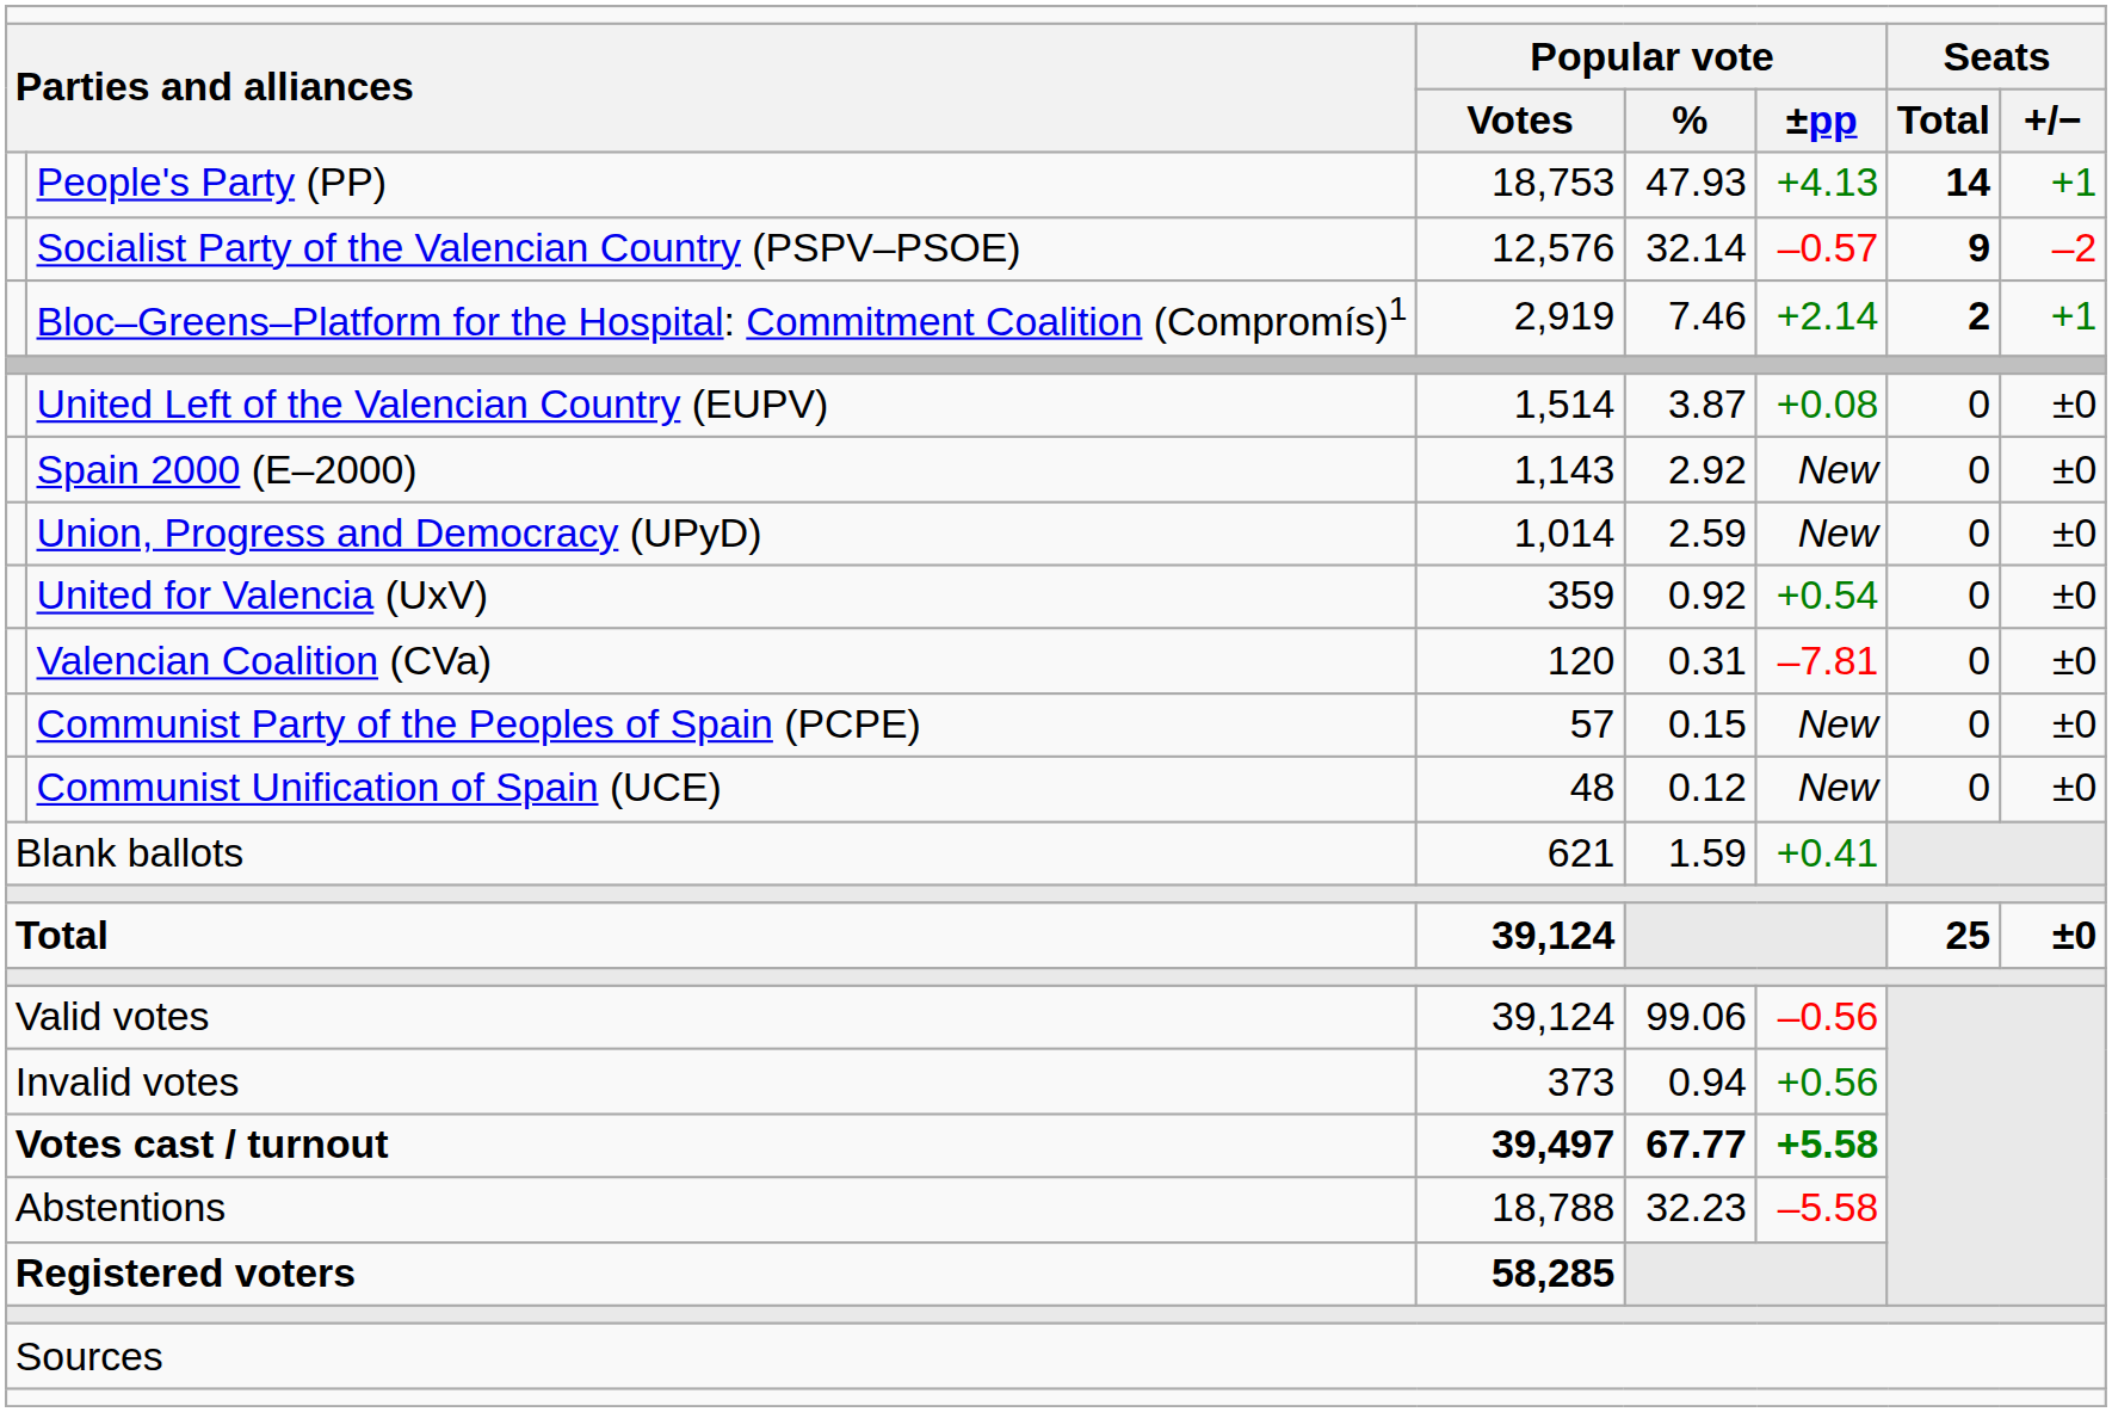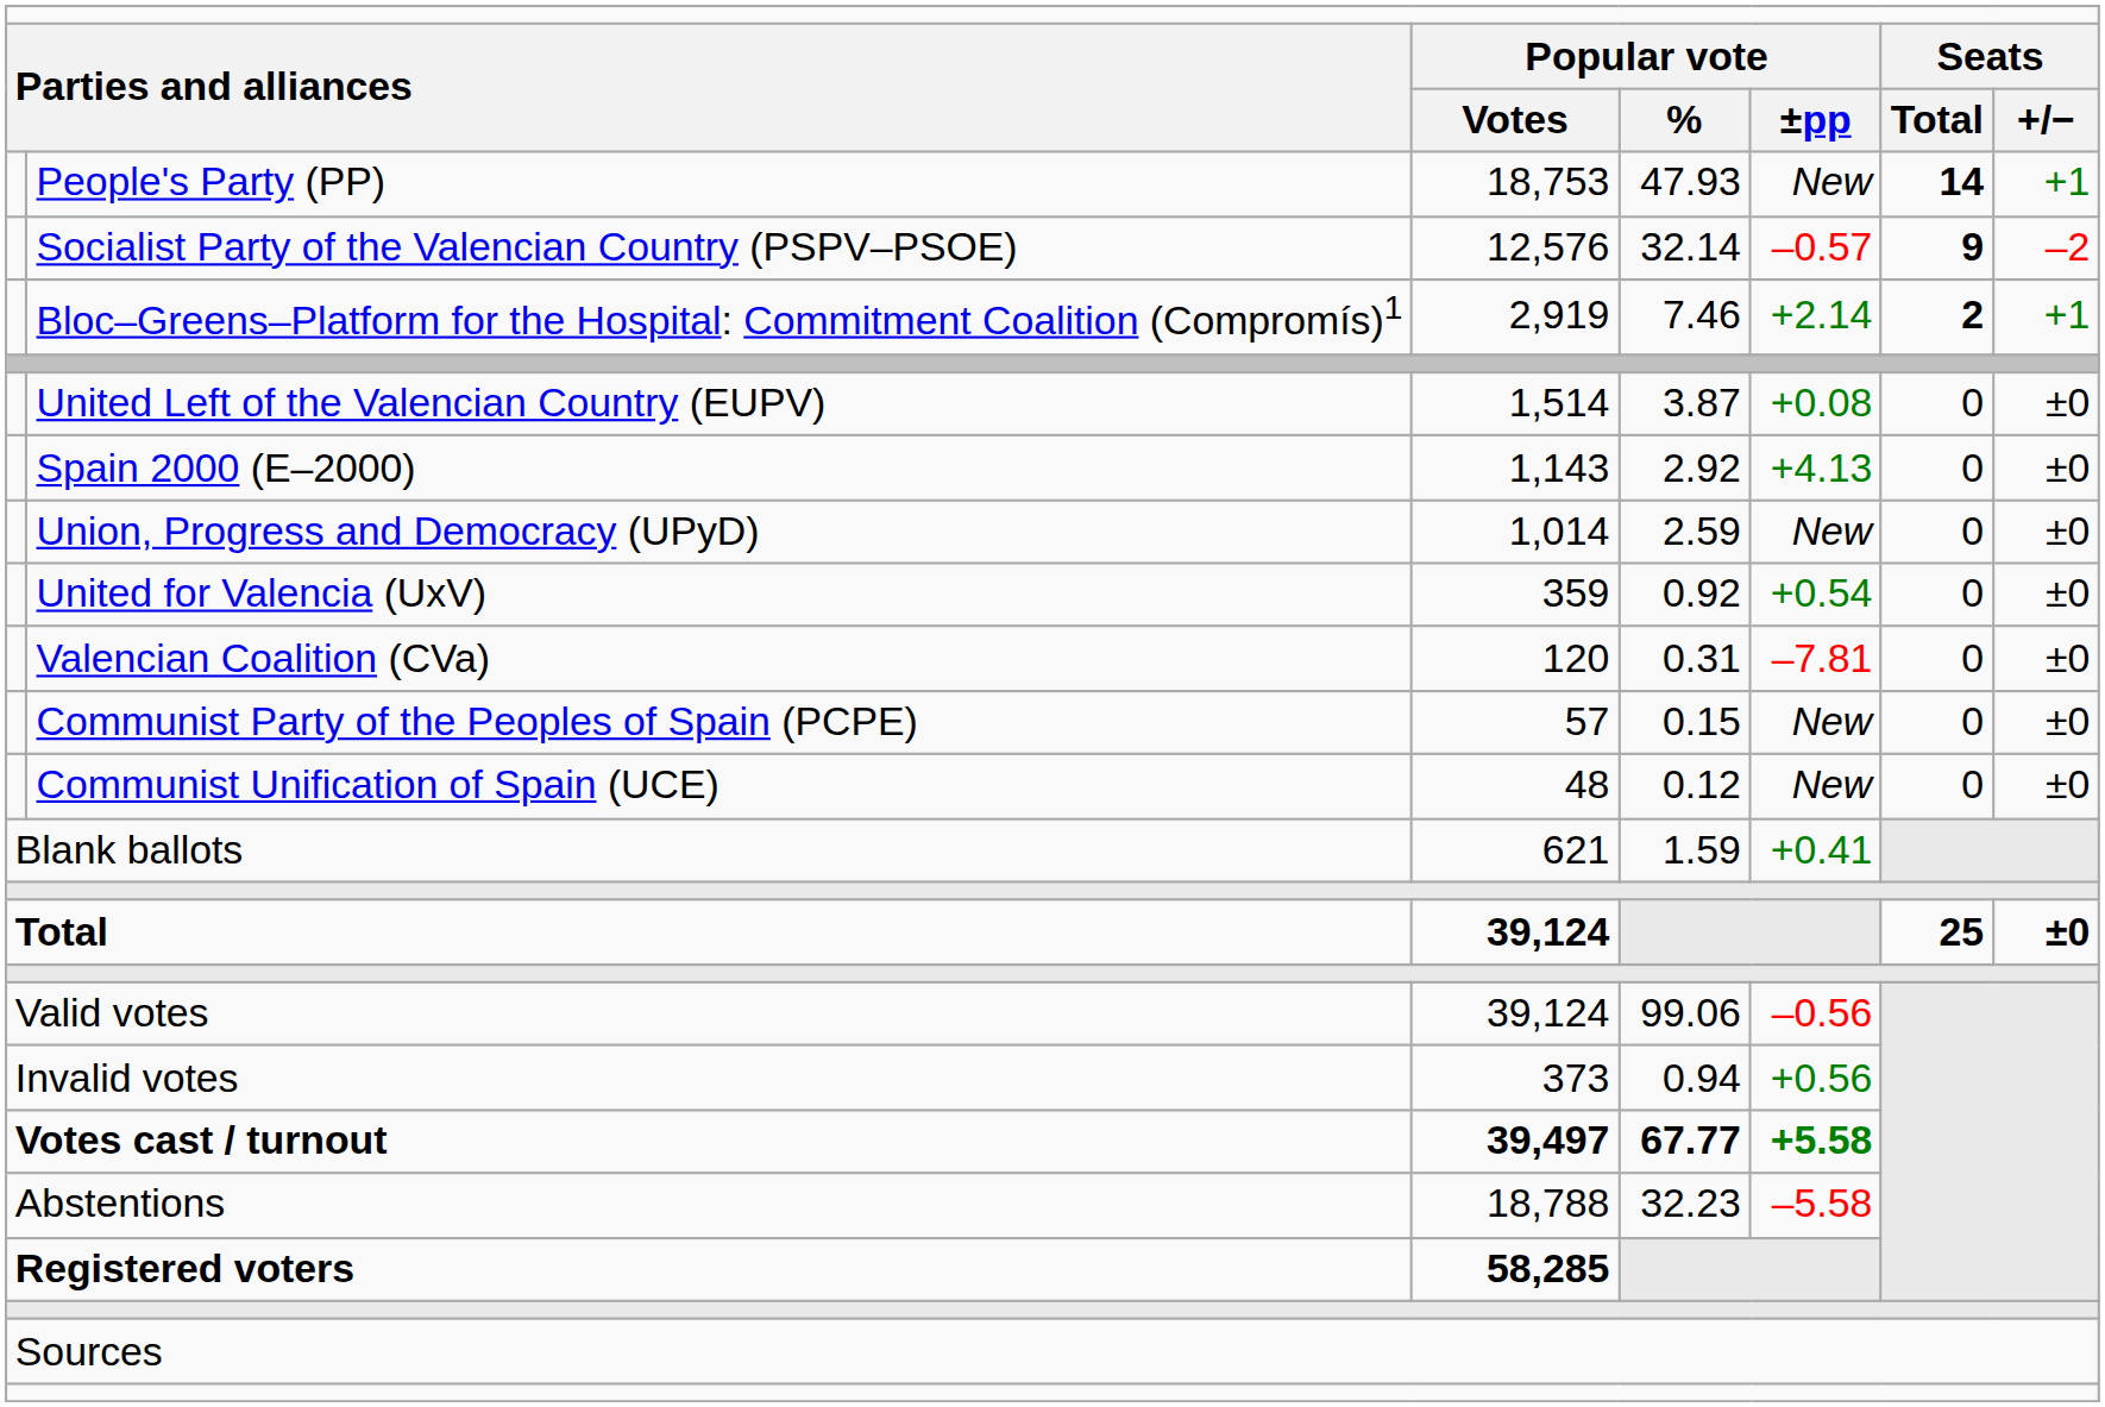 <table class="wikitable" style="text-align:right;">
 <tr>
 <td colspan="7"></td>
 </tr>
 <tr>
 <th style="text-align:left;" rowspan="2" colspan="2" width="525">Parties and alliances</th>
 <th colspan="3">Popular vote</th>
 <th colspan="2">Seats</th>
 </tr>
 <tr>
 <th width="75">Votes</th>
 <th width="45">%</th>
 <th width="45">±<a href='#'>pp</a></th>
 <th width="35">Total</th>
 <th width="35">+/−</th>
 </tr>
 <tr>
 <td width="1" style="color:inherit;background:"></td>
 <td align="left"><a href='#'>People's Party</a> (PP)</td>
 <td>18,753</td>
 <td>47.93</td>
-<td style="color:green;">+4.13</td>
+<td><em>New</em></td>
 <td><strong>14</strong></td>
 <td style="color:green;">+1</td>
 </tr>
 <tr>
 <td style="color:inherit;background:"></td>
 <td align="left"><a href='#'>Socialist Party of the Valencian Country</a> (PSPV–PSOE)</td>
 <td>12,576</td>
 <td>32.14</td>
 <td style="color:red;">–0.57</td>
 <td><strong>9</strong></td>
 <td style="color:red;">–2</td>
 </tr>
 <tr>
 <td style="color:inherit;background:"></td>
 <td align="left"><a href='#'>Bloc–Greens–Platform for the Hospital</a>: <a href='#'>Commitment Coalition</a> (Compromís)<sup>1</sup></td>
 <td>2,919</td>
 <td>7.46</td>
 <td style="color:green;">+2.14</td>
 <td><strong>2</strong></td>
 <td style="color:green;">+1</td>
 </tr>
 <tr>
 <td colspan="7" bgcolor="#C0C0C0"></td>
 </tr>
 <tr>
 <td style="color:inherit;background:"></td>
 <td align="left"><a href='#'>United Left of the Valencian Country</a> (EUPV)</td>
 <td>1,514</td>
 <td>3.87</td>
 <td style="color:green;">+0.08</td>
 <td>0</td>
 <td>±0</td>
 </tr>
 <tr>
 <td style="color:inherit;background:"></td>
 <td align="left"><a href='#'>Spain 2000</a> (E–2000)</td>
 <td>1,143</td>
 <td>2.92</td>
-<td><em>New</em></td>
+<td style="color:green;">+4.13</td>
 <td>0</td>
 <td>±0</td>
 </tr>
 <tr>
 <td style="color:inherit;background:"></td>
 <td align="left"><a href='#'>Union, Progress and Democracy</a> (UPyD)</td>
 <td>1,014</td>
 <td>2.59</td>
 <td><em>New</em></td>
 <td>0</td>
 <td>±0</td>
 </tr>
 <tr>
 <td style="color:inherit;background:"></td>
 <td align="left"><a href='#'>United for Valencia</a> (UxV)</td>
 <td>359</td>
 <td>0.92</td>
 <td style="color:green;">+0.54</td>
 <td>0</td>
 <td>±0</td>
 </tr>
 <tr>
 <td style="color:inherit;background:"></td>
 <td align="left"><a href='#'>Valencian Coalition</a> (CVa)</td>
 <td>120</td>
 <td>0.31</td>
 <td style="color:red;">–7.81</td>
 <td>0</td>
 <td>±0</td>
 </tr>
 <tr>
 <td style="color:inherit;background:"></td>
 <td align="left"><a href='#'>Communist Party of the Peoples of Spain</a> (PCPE)</td>
 <td>57</td>
 <td>0.15</td>
 <td><em>New</em></td>
 <td>0</td>
 <td>±0</td>
 </tr>
 <tr>
 <td style="color:inherit;background:"></td>
 <td align="left"><a href='#'>Communist Unification of Spain</a> (UCE)</td>
 <td>48</td>
 <td>0.12</td>
 <td><em>New</em></td>
 <td>0</td>
 <td>±0</td>
 </tr>
 <tr>
 <td align="left" colspan="2">Blank ballots</td>
 <td>621</td>
 <td>1.59</td>
 <td style="color:green;">+0.41</td>
 <td bgcolor="#E9E9E9" colspan="2"></td>
 </tr>
 <tr>
 <td colspan="7" bgcolor="#E9E9E9"></td>
 </tr>
 <tr style="font-weight:bold;">
 <td align="left" colspan="2">Total</td>
 <td>39,124</td>
 <td bgcolor="#E9E9E9" colspan="2"></td>
 <td>25</td>
 <td>±0</td>
 </tr>
 <tr>
 <td colspan="7" bgcolor="#E9E9E9"></td>
 </tr>
 <tr>
 <td align="left" colspan="2">Valid votes</td>
 <td>39,124</td>
 <td>99.06</td>
 <td style="color:red;">–0.56</td>
 <td bgcolor="#E9E9E9" colspan="2" rowspan="5"></td>
 </tr>
 <tr>
 <td align="left" colspan="2">Invalid votes</td>
 <td>373</td>
 <td>0.94</td>
 <td style="color:green;">+0.56</td>
 </tr>
 <tr style="font-weight:bold;">
 <td align="left" colspan="2">Votes cast / turnout</td>
 <td>39,497</td>
 <td>67.77</td>
 <td style="color:green;">+5.58</td>
 </tr>
 <tr>
 <td align="left" colspan="2">Abstentions</td>
 <td>18,788</td>
 <td>32.23</td>
 <td style="color:red;">–5.58</td>
 </tr>
 <tr style="font-weight:bold;">
 <td align="left" colspan="2">Registered voters</td>
 <td>58,285</td>
 <td bgcolor="#E9E9E9" colspan="2"></td>
 </tr>
 <tr>
 <td colspan="7" bgcolor="#E9E9E9"></td>
 </tr>
 <tr>
 <td align="left" colspan="7">Sources</td>
 </tr>
 <tr>
 <td colspan="7" style="text-align:left; max-width:790px;"></td>
 </tr>
 </table>
